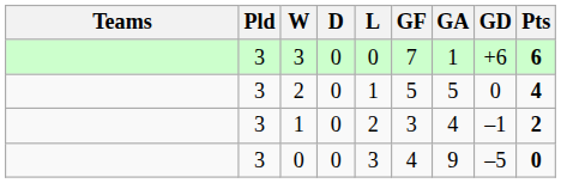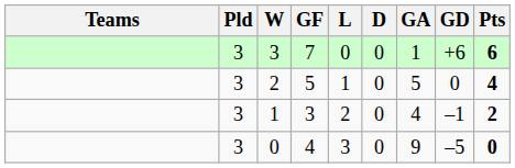 <table class="wikitable" style="text-align: center;">
 <tr>
 <th width=165>Teams</th>
 <th width=20>Pld</th>
 <th width=20>W</th>
+<th width=20>GF</th>
+<th width=20>L</th>
 <th width=20>D</th>
-<th width=20>L</th>
-<th width=20>GF</th>
 <th width=20>GA</th>
 <th width=20>GD</th>
 <th width=20>Pts</th>
 </tr>
 <tr align=center style="background:#ccffcc;">
 <td style="text-align:left;"></td>
 <td>3</td>
 <td>3</td>
+<td>7</td>
 <td>0</td>
 <td>0</td>
-<td>7</td>
 <td>1</td>
 <td>+6</td>
 <td><strong>6</strong></td>
 </tr>
 <tr align=center>
 <td style="text-align:left;"></td>
 <td>3</td>
 <td>2</td>
+<td>5</td>
+<td>1</td>
 <td>0</td>
-<td>1</td>
-<td>5</td>
 <td>5</td>
 <td>0</td>
 <td><strong>4</strong></td>
 </tr>
 <tr align=center>
 <td style="text-align:left;"></td>
 <td>3</td>
 <td>1</td>
+<td>3</td>
+<td>2</td>
 <td>0</td>
-<td>2</td>
-<td>3</td>
 <td>4</td>
 <td>–1</td>
 <td><strong>2</strong></td>
 </tr>
 <tr align=center>
 <td style="text-align:left;"></td>
 <td>3</td>
 <td>0</td>
+<td>4</td>
+<td>3</td>
 <td>0</td>
-<td>3</td>
-<td>4</td>
 <td>9</td>
 <td>–5</td>
 <td><strong>0</strong></td>
 </tr>
 </table>
